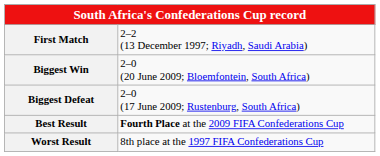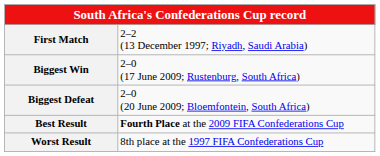 <table class="wikitable collapsible collapsed" style="width:35%; font-size:80%;">
 <tr>
 </tr>
 <tr style="color:white;">
 <th style="background:#e11; width:20%;" colspan="6"><big> South Africa's Confederations Cup record</big></th>
 </tr>
 <tr>
 <th width=10%>First Match</th>
 <td width=23%><div> 2–2 <br> (13 December 1997; <a href='#'>Riyadh</a>, <a href='#'>Saudi Arabia</a>)</div></td>
 </tr>
 <tr>
 <th width=10%>Biggest Win</th>
-<td width=23%><div> 2–0 <br> (20 June 2009; <a href='#'>Bloemfontein</a>, <a href='#'>South Africa</a>)</div></td>
+<td width=23%><div> 2–0 <br> (17 June 2009; <a href='#'>Rustenburg</a>, <a href='#'>South Africa</a>)</div></td>
 </tr>
 <tr>
 <th width=10%>Biggest Defeat</th>
-<td width=23%><div> 2–0 <br> (17 June 2009; <a href='#'>Rustenburg</a>, <a href='#'>South Africa</a>)</div></td>
+<td width=23%><div> 2–0 <br> (20 June 2009; <a href='#'>Bloemfontein</a>, <a href='#'>South Africa</a>)</div></td>
 </tr>
 <tr>
 <th width=10%>Best Result</th>
 <td width=23%><div><strong>Fourth Place</strong> at the <a href='#'>2009 FIFA Confederations Cup</a></div></td>
 </tr>
 <tr>
 <th width=10%>Worst Result</th>
 <td width=23%><div>8th place at the <a href='#'>1997 FIFA Confederations Cup</a></div></td>
 </tr>
 </table>
